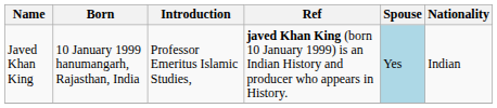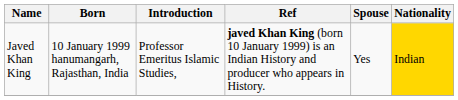 <table class="wikitable sortable">
 <tr>
 <th>Name</th>
 <th>Born</th>
 <th>Introduction</th>
 <th>Ref</th>
 <th>Spouse</th>
 <th>Nationality</th>
 </tr>
 <tr>
 <td>Javed Khan King</td>
 <td>10 January 1999<br>hanumangarh, Rajasthan, India</td>
 <td>Professor Emeritus Islamic Studies,</td>
 <td><strong>javed Khan King</strong> (born 10 January 1999) is an Indian History and producer who appears in History.</td>
-<td style="background: lightblue;">Yes</td>
-<td>Indian</td>
+<td>Yes</td>
+<td style="background: gold;">Indian</td>
 </tr>
 <tr>
 </tr>
 </table>
